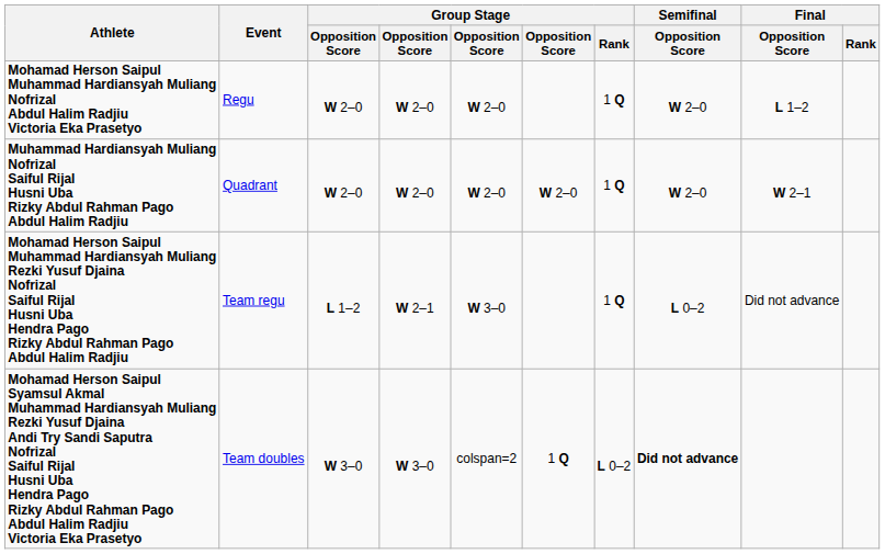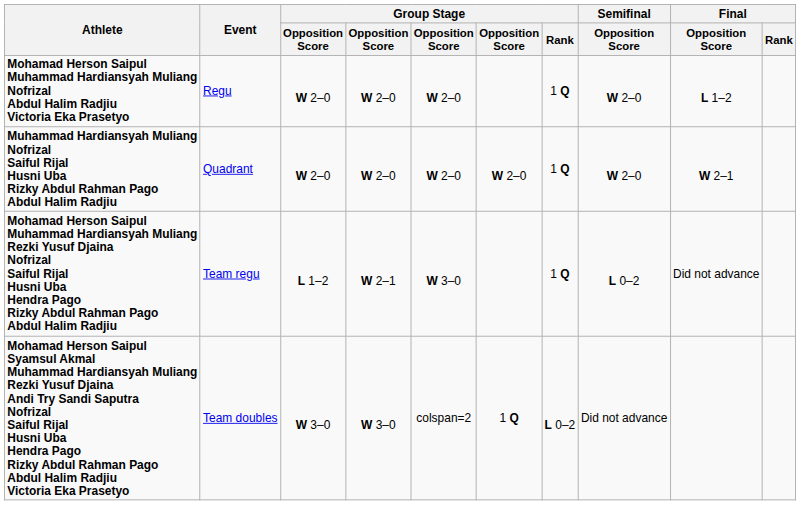 <table class=wikitable style=font-size:85%;text-align:center>
 <tr>
 <th rowspan="2">Athlete</th>
 <th rowspan="2">Event</th>
 <th colspan=5>Group Stage</th>
 <th>Semifinal</th>
 <th colspan=2>Final</th>
 </tr>
 <tr style="font-size:95%">
 <th>Opposition<br>Score</th>
 <th>Opposition<br>Score</th>
 <th>Opposition<br>Score</th>
 <th>Opposition<br>Score</th>
 <th>Rank</th>
 <th>Opposition<br>Score</th>
 <th>Opposition<br>Score</th>
 <th>Rank</th>
 </tr>
 <tr>
 <td align=left><strong>Mohamad Herson Saipul<br>Muhammad Hardiansyah Muliang<br>Nofrizal<br>Abdul Halim Radjiu<br>Victoria Eka Prasetyo</strong></td>
 <td align=left><a href='#'>Regu</a></td>
 <td><br><strong>W</strong> 2–0</td>
 <td><br><strong>W</strong> 2–0</td>
 <td><br><strong>W</strong> 2–0</td>
 <td></td>
 <td>1 <strong>Q</strong></td>
 <td><br><strong>W</strong> 2–0</td>
 <td><br><strong>L</strong> 1–2</td>
 <td></td>
 </tr>
 <tr>
 <td align=left><strong>Muhammad Hardiansyah Muliang<br>Nofrizal<br>Saiful Rijal<br>Husni Uba<br>Rizky Abdul Rahman Pago<br>Abdul Halim Radjiu</strong></td>
 <td align=left><a href='#'>Quadrant</a></td>
 <td><br><strong>W</strong> 2–0</td>
 <td><br><strong>W</strong> 2–0</td>
 <td><br><strong>W</strong> 2–0</td>
 <td><br><strong>W</strong> 2–0</td>
 <td>1 <strong>Q</strong></td>
 <td><br><strong>W</strong> 2–0</td>
 <td><br><strong>W</strong> 2–1</td>
 <td></td>
 </tr>
 <tr>
 <td align=left><strong>Mohamad Herson Saipul<br>Muhammad Hardiansyah Muliang<br>Rezki Yusuf Djaina<br>Nofrizal<br>Saiful Rijal<br>Husni Uba<br>Hendra Pago<br>Rizky Abdul Rahman Pago<br>Abdul Halim Radjiu</strong></td>
 <td align=left><a href='#'>Team regu</a></td>
 <td><br><strong>L</strong> 1–2</td>
 <td><br><strong>W</strong> 2–1</td>
 <td><br><strong>W</strong> 3–0</td>
 <td></td>
 <td>1 <strong>Q</strong></td>
 <td><br><strong>L</strong> 0–2</td>
 <td>Did not advance</td>
 <td></td>
 </tr>
 <tr>
 <td align=left><strong>Mohamad Herson Saipul<br>Syamsul Akmal<br>Muhammad Hardiansyah Muliang<br>Rezki Yusuf Djaina<br>Andi Try Sandi Saputra<br>Nofrizal<br>Saiful Rijal<br>Husni Uba<br>Hendra Pago<br>Rizky Abdul Rahman Pago<br>Abdul Halim Radjiu<br>Victoria Eka Prasetyo</strong></td>
 <td align=left><a href='#'>Team doubles</a></td>
 <td><br><strong>W</strong> 3–0</td>
 <td><br><strong>W</strong> 3–0</td>
 <td>colspan=2 </td>
 <td>1 <strong>Q</strong></td>
 <td><br><strong>L</strong> 0–2</td>
-<td><strong>Did not advance</strong></td>
+<td>Did not advance</td>
 <td></td>
 </tr>
 </table>
